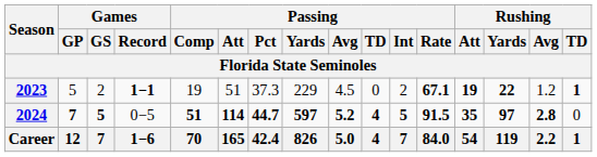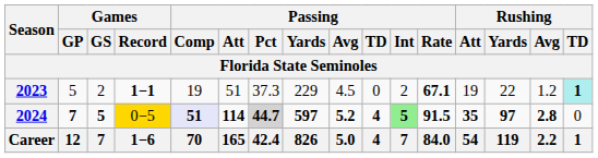 <table class="wikitable" style="text-align:center;">
 <tr>
 <th rowspan="2">Season</th>
 <th colspan="3">Games</th>
 <th colspan="8">Passing</th>
 <th colspan="5">Rushing</th>
 </tr>
 <tr>
 <th>GP</th>
 <th>GS</th>
 <th>Record</th>
 <th>Comp</th>
 <th>Att</th>
 <th>Pct</th>
 <th>Yards</th>
 <th>Avg</th>
 <th>TD</th>
 <th>Int</th>
 <th>Rate</th>
 <th>Att</th>
 <th>Yards</th>
 <th>Avg</th>
 <th>TD</th>
 </tr>
 <tr>
 <th colspan="16">Florida State Seminoles</th>
 </tr>
 <tr>
 <th><a href='#'>2023</a></th>
 <td>5</td>
 <td>2</td>
 <td><strong>1−1</strong></td>
 <td>19</td>
 <td>51</td>
 <td>37.3</td>
 <td>229</td>
 <td>4.5</td>
 <td>0</td>
 <td>2</td>
 <td><strong>67.1</strong></td>
-<td><strong>19</strong></td>
-<td><strong>22</strong></td>
+<td>19</td>
+<td>22</td>
 <td>1.2</td>
-<td><strong>1</strong></td>
+<td style="background: paleturquoise;"><strong>1</strong></td>
 </tr>
 <tr>
 <th><a href='#'>2024</a></th>
 <td><strong>7</strong></td>
 <td><strong>5</strong></td>
-<td>0−5</td>
-<td><strong>51</strong></td>
+<td style="background: gold;">0−5</td>
+<td style="background: lavender;"><strong>51</strong></td>
 <td><strong>114</strong></td>
-<td><strong>44.7</strong></td>
+<td style="background: lightgrey;"><strong>44.7</strong></td>
 <td><strong>597</strong></td>
 <td><strong>5.2</strong></td>
 <td><strong>4</strong></td>
-<td><strong>5</strong></td>
+<td style="background: lightgreen;"><strong>5</strong></td>
 <td><strong>91.5</strong></td>
 <td><strong>35</strong></td>
 <td><strong>97</strong></td>
 <td><strong>2.8</strong></td>
 <td>0</td>
 </tr>
 <tr>
 <th>Career</th>
 <th>12</th>
 <th>7</th>
 <th>1−6</th>
 <th>70</th>
 <th>165</th>
 <th>42.4</th>
 <th>826</th>
 <th>5.0</th>
 <th>4</th>
 <th>7</th>
 <th>84.0</th>
 <th>54</th>
 <th>119</th>
 <th>2.2</th>
 <th>1</th>
 </tr>
 </table>
